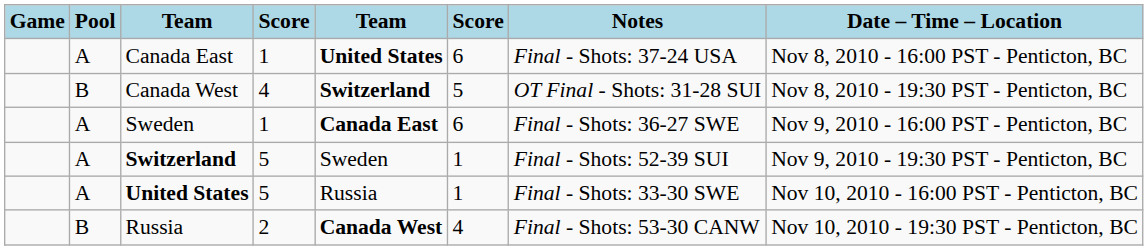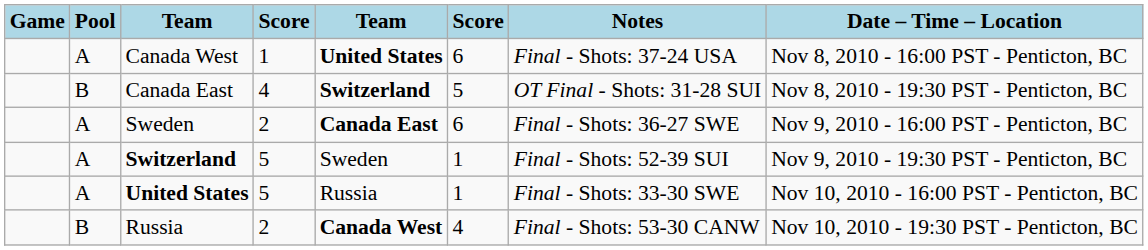 <table class="wikitable">
 <tr>
 <th style="background:lightblue;">Game</th>
 <th style="background:lightblue;">Pool</th>
 <th style="background:lightblue;">Team</th>
 <th style="background:lightblue;">Score</th>
 <th style="background:lightblue;">Team</th>
 <th style="background:lightblue;">Score</th>
 <th style="background:lightblue;">Notes</th>
 <th style="background:lightblue;">Date – Time – Location</th>
 </tr>
 <tr>
 <td></td>
 <td>A</td>
-<td>Canada East</td>
+<td>Canada West</td>
 <td>1</td>
 <td><strong>United States</strong></td>
 <td>6</td>
 <td><em>Final</em> - Shots: 37-24 USA</td>
 <td>Nov 8, 2010 - 16:00 PST - Penticton, BC</td>
 </tr>
 <tr>
 <td></td>
 <td>B</td>
-<td>Canada West</td>
+<td>Canada East</td>
 <td>4</td>
 <td><strong>Switzerland</strong></td>
 <td>5</td>
 <td><em>OT Final</em> - Shots: 31-28 SUI</td>
 <td>Nov 8, 2010 - 19:30 PST - Penticton, BC</td>
 </tr>
 <tr>
 <td></td>
 <td>A</td>
 <td>Sweden</td>
-<td>1</td>
+<td>2</td>
 <td><strong>Canada East</strong></td>
 <td>6</td>
 <td><em>Final</em> - Shots: 36-27 SWE</td>
 <td>Nov 9, 2010 - 16:00 PST - Penticton, BC</td>
 </tr>
 <tr>
 <td></td>
 <td>A</td>
 <td><strong>Switzerland</strong></td>
 <td>5</td>
 <td>Sweden</td>
 <td>1</td>
 <td><em>Final</em> - Shots: 52-39 SUI</td>
 <td>Nov 9, 2010 - 19:30 PST - Penticton, BC</td>
 </tr>
 <tr>
 <td></td>
 <td>A</td>
 <td><strong>United States</strong></td>
 <td>5</td>
 <td>Russia</td>
 <td>1</td>
 <td><em>Final</em> - Shots: 33-30 SWE</td>
 <td>Nov 10, 2010 - 16:00 PST - Penticton, BC</td>
 </tr>
 <tr>
 <td></td>
 <td>B</td>
 <td>Russia</td>
 <td>2</td>
 <td><strong>Canada West</strong></td>
 <td>4</td>
 <td><em>Final</em> - Shots: 53-30 CANW</td>
 <td>Nov 10, 2010 - 19:30 PST - Penticton, BC</td>
 </tr>
 </table>
